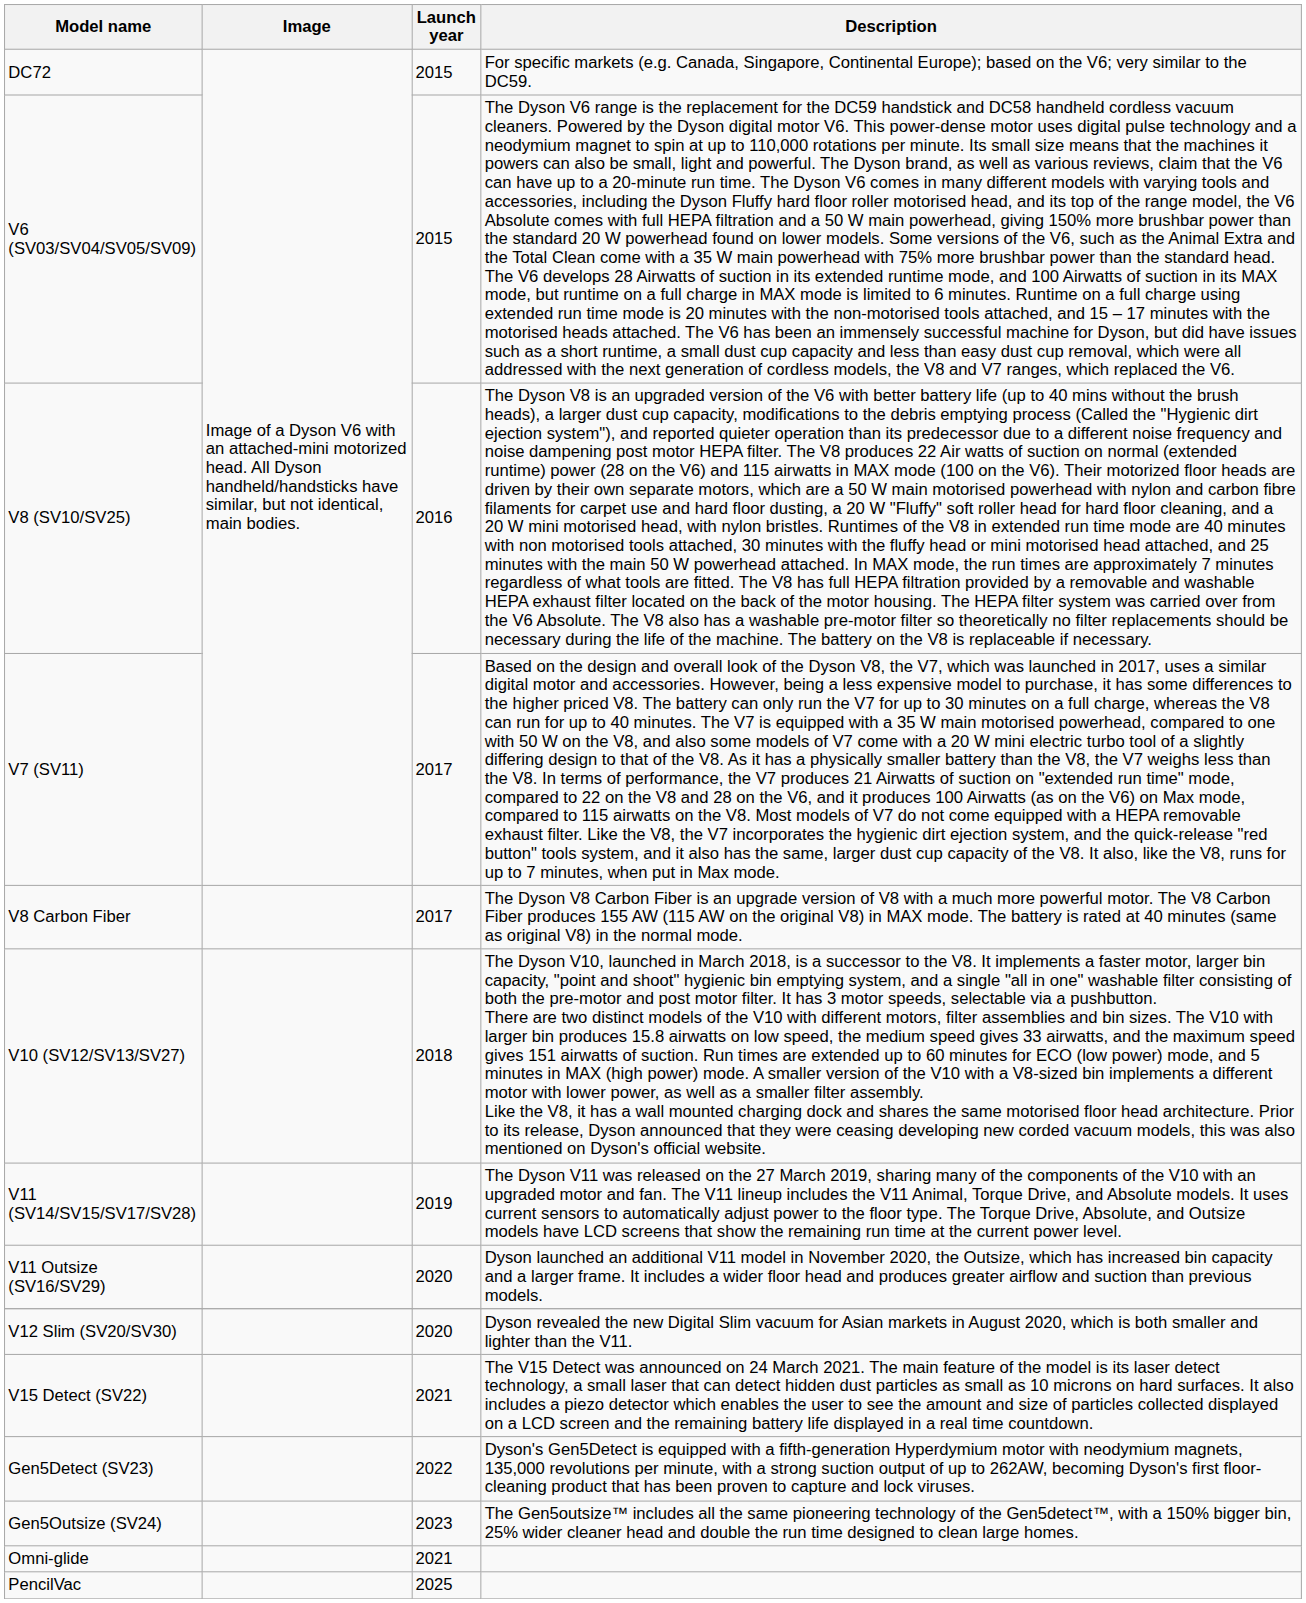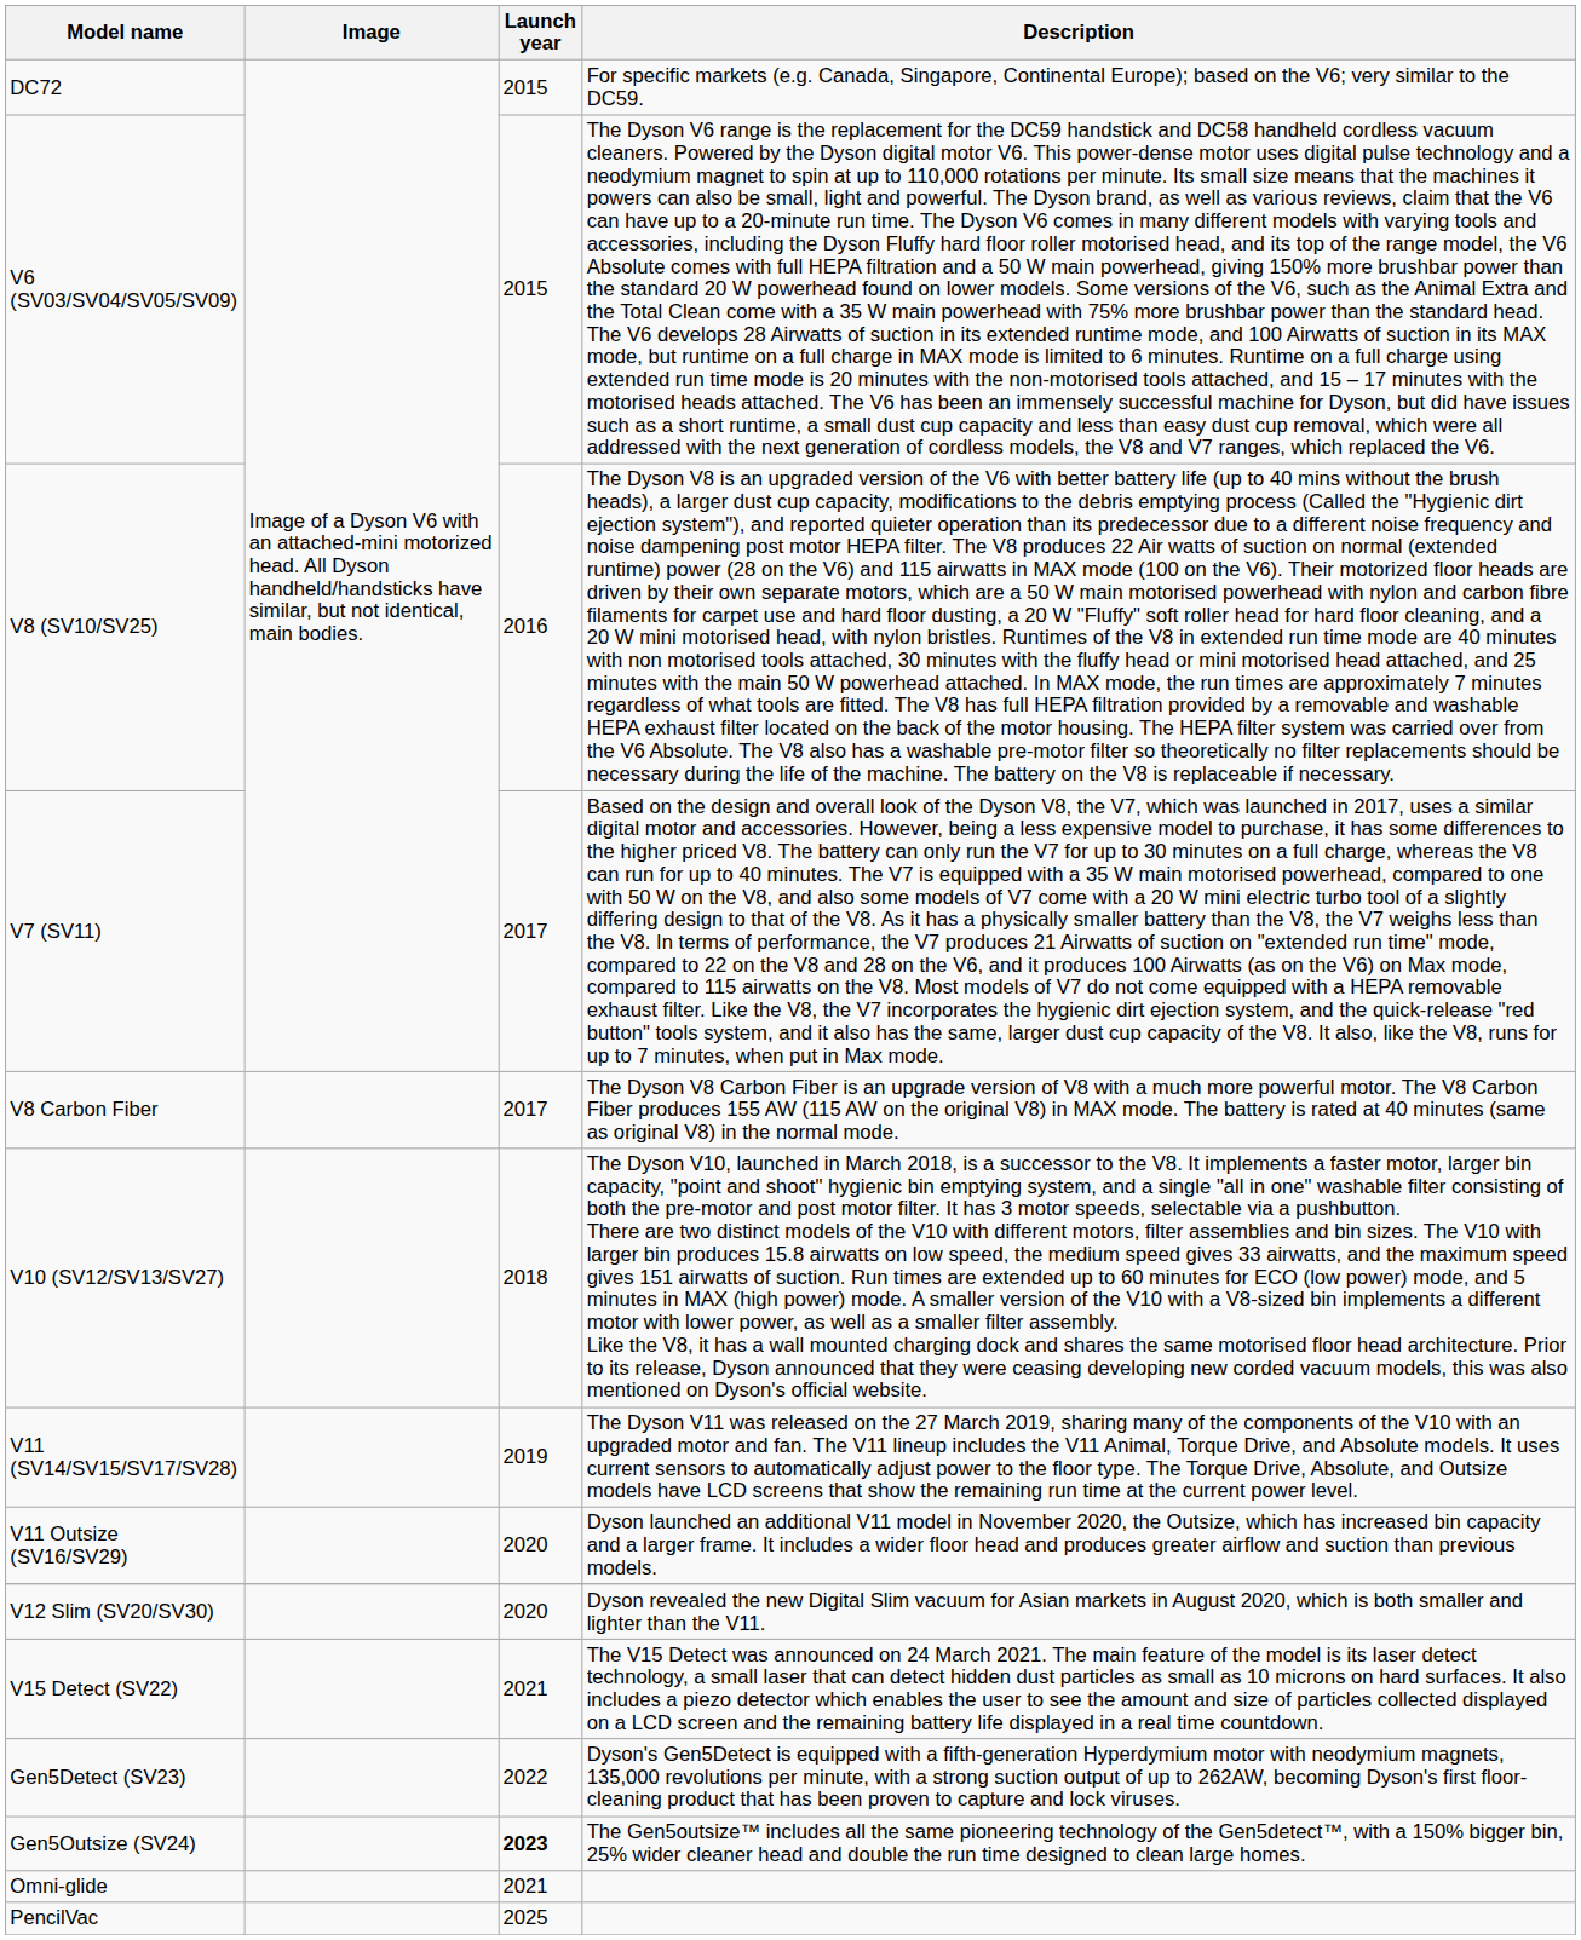 <table class="wikitable sortable">
 <tr>
 <th>Model name</th>
 <th>Image</th>
 <th>Launch year</th>
 <th>Description</th>
 </tr>
 <tr>
 <td>DC72</td>
 <td rowspan="4"><br>Image of a Dyson V6 with an attached-mini motorized head. All Dyson handheld/handsticks have similar, but not identical, main bodies.</td>
 <td>2015</td>
 <td>For specific markets (e.g. Canada, Singapore, Continental Europe); based on the V6; very similar to the DC59.</td>
 </tr>
 <tr>
 <td>V6 (SV03/SV04/SV05/SV09)</td>
 <td>2015</td>
 <td>The Dyson V6 range is the replacement for the DC59 handstick and DC58 handheld cordless vacuum cleaners. Powered by the Dyson digital motor V6. This power-dense motor uses digital pulse technology and a neodymium magnet to spin at up to 110,000 rotations per minute. Its small size means that the machines it powers can also be small, light and powerful. The Dyson brand, as well as various reviews, claim that the V6 can have up to a 20-minute run time. The Dyson V6 comes in many different models with varying tools and accessories, including the Dyson Fluffy hard floor roller motorised head, and its top of the range model, the V6 Absolute comes with full HEPA filtration and a 50 W main powerhead, giving 150% more brushbar power than the standard 20 W powerhead found on lower models. Some versions of the V6, such as the Animal Extra and the Total Clean come with a 35 W main powerhead with 75% more brushbar power than the standard head. The V6 develops 28 Airwatts of suction in its extended runtime mode, and 100 Airwatts of suction in its MAX mode, but runtime on a full charge in MAX mode is limited to 6 minutes. Runtime on a full charge using extended run time mode is 20 minutes with the non-motorised tools attached, and 15 – 17 minutes with the motorised heads attached. The V6 has been an immensely successful machine for Dyson, but did have issues such as a short runtime, a small dust cup capacity and less than easy dust cup removal, which were all addressed with the next generation of cordless models, the V8 and V7 ranges, which replaced the V6.</td>
 </tr>
 <tr>
 <td>V8 (SV10/SV25)</td>
 <td>2016</td>
 <td>The Dyson V8 is an upgraded version of the V6 with better battery life (up to 40 mins without the brush heads), a larger dust cup capacity, modifications to the debris emptying process (Called the "Hygienic dirt ejection system"), and reported quieter operation than its predecessor due to a different noise frequency and noise dampening post motor HEPA filter. The V8 produces 22 Air watts of suction on normal (extended runtime) power (28 on the V6) and 115 airwatts in MAX mode (100 on the V6). Their motorized floor heads are driven by their own separate motors, which are a 50 W main motorised powerhead with nylon and carbon fibre filaments for carpet use and hard floor dusting, a 20 W "Fluffy" soft roller head for hard floor cleaning, and a 20 W mini motorised head, with nylon bristles. Runtimes of the V8 in extended run time mode are 40 minutes with non motorised tools attached, 30 minutes with the fluffy head or mini motorised head attached, and 25 minutes with the main 50 W powerhead attached. In MAX mode, the run times are approximately 7 minutes regardless of what tools are fitted. The V8 has full HEPA filtration provided by a removable and washable HEPA exhaust filter located on the back of the motor housing. The HEPA filter system was carried over from the V6 Absolute. The V8 also has a washable pre-motor filter so theoretically no filter replacements should be necessary during the life of the machine. The battery on the V8 is replaceable if necessary.</td>
 </tr>
 <tr>
 <td>V7 (SV11)</td>
 <td>2017</td>
 <td>Based on the design and overall look of the Dyson V8, the V7, which was launched in 2017, uses a similar digital motor and accessories. However, being a less expensive model to purchase, it has some differences to the higher priced V8. The battery can only run the V7 for up to 30 minutes on a full charge, whereas the V8 can run for up to 40 minutes. The V7 is equipped with a 35 W main motorised powerhead, compared to one with 50 W on the V8, and also some models of V7 come with a 20 W mini electric turbo tool of a slightly differing design to that of the V8. As it has a physically smaller battery than the V8, the V7 weighs less than the V8. In terms of performance, the V7 produces 21 Airwatts of suction on "extended run time" mode, compared to 22 on the V8 and 28 on the V6, and it produces 100 Airwatts (as on the V6) on Max mode, compared to 115 airwatts on the V8. Most models of V7 do not come equipped with a HEPA removable exhaust filter. Like the V8, the V7 incorporates the hygienic dirt ejection system, and the quick-release "red button" tools system, and it also has the same, larger dust cup capacity of the V8. It also, like the V8, runs for up to 7 minutes, when put in Max mode.</td>
 </tr>
 <tr>
 <td>V8 Carbon Fiber</td>
 <td></td>
 <td>2017</td>
 <td>The Dyson V8 Carbon Fiber is an upgrade version of V8 with a much more powerful motor. The V8 Carbon Fiber produces 155 AW (115 AW on the original V8) in MAX mode. The battery is rated at 40 minutes (same as original V8) in the normal mode.</td>
 </tr>
 <tr>
 <td>V10 (SV12/SV13/SV27)</td>
 <td></td>
 <td>2018</td>
 <td>The Dyson V10, launched in March 2018, is a successor to the V8. It implements a faster motor, larger bin capacity, "point and shoot" hygienic bin emptying system, and a single "all in one" washable filter consisting of both the pre-motor and post motor filter. It has 3 motor speeds, selectable via a pushbutton.<br>There are two distinct models of the V10 with different motors, filter assemblies and bin sizes. The V10 with larger bin produces 15.8 airwatts on low speed, the medium speed gives 33 airwatts, and the maximum speed gives 151 airwatts of suction. Run times are extended up to 60 minutes for ECO (low power) mode, and 5 minutes in MAX (high power) mode. A smaller version of the V10 with a V8-sized bin implements a different motor with lower power, as well as a smaller filter assembly.<br>Like the V8, it has a wall mounted charging dock and shares the same motorised floor head architecture. Prior to its release, Dyson announced that they were ceasing developing new corded vacuum models, this was also mentioned on Dyson's official website.</td>
 </tr>
 <tr>
 <td>V11 (SV14/SV15/SV17/SV28)</td>
 <td></td>
 <td>2019</td>
 <td>The Dyson V11 was released on the 27 March 2019, sharing many of the components of the V10 with an upgraded motor and fan. The V11 lineup includes the V11 Animal, Torque Drive, and Absolute models. It uses current sensors to automatically adjust power to the floor type. The Torque Drive, Absolute, and Outsize models have LCD screens that show the remaining run time at the current power level.</td>
 </tr>
 <tr>
 <td>V11 Outsize (SV16/SV29)</td>
 <td></td>
 <td>2020</td>
 <td>Dyson launched an additional V11 model in November 2020, the Outsize, which has increased bin capacity and a larger frame. It includes a wider floor head and produces greater airflow and suction than previous models.</td>
 </tr>
 <tr>
 </tr>
 <tr>
 <td>V12 Slim (SV20/SV30)</td>
 <td></td>
 <td>2020</td>
 <td>Dyson revealed the new Digital Slim vacuum for Asian markets in August 2020, which is both smaller and lighter than the V11.</td>
 </tr>
 <tr>
 <td>V15 Detect (SV22)</td>
 <td></td>
 <td>2021</td>
 <td>The V15 Detect was announced on 24 March 2021. The main feature of the model is its laser detect technology, a small laser that can detect hidden dust particles as small as 10 microns on hard surfaces. It also includes a piezo detector which enables the user to see the amount and size of particles collected displayed on a LCD screen and the remaining battery life displayed in a real time countdown.</td>
 </tr>
 <tr>
 <td>Gen5Detect (SV23)</td>
 <td></td>
 <td>2022</td>
 <td>Dyson's Gen5Detect is equipped with a fifth-generation Hyperdymium motor with neodymium magnets, 135,000 revolutions per minute, with a strong suction output of up to 262AW, becoming Dyson's first floor-cleaning product that has been proven to capture and lock viruses.</td>
 </tr>
 <tr>
 <td>Gen5Outsize (SV24)</td>
 <td></td>
-<td>2023</td>
+<td><strong>2023</strong></td>
 <td>The Gen5outsize™ includes all the same pioneering technology of the Gen5detect™, with a 150% bigger bin, 25% wider cleaner head and double the run time designed to clean large homes.</td>
 </tr>
 <tr>
 <td>Omni-glide</td>
 <td></td>
 <td>2021</td>
 <td></td>
 </tr>
 <tr>
 <td>PencilVac</td>
 <td></td>
 <td>2025</td>
 <td></td>
 </tr>
 </table>
